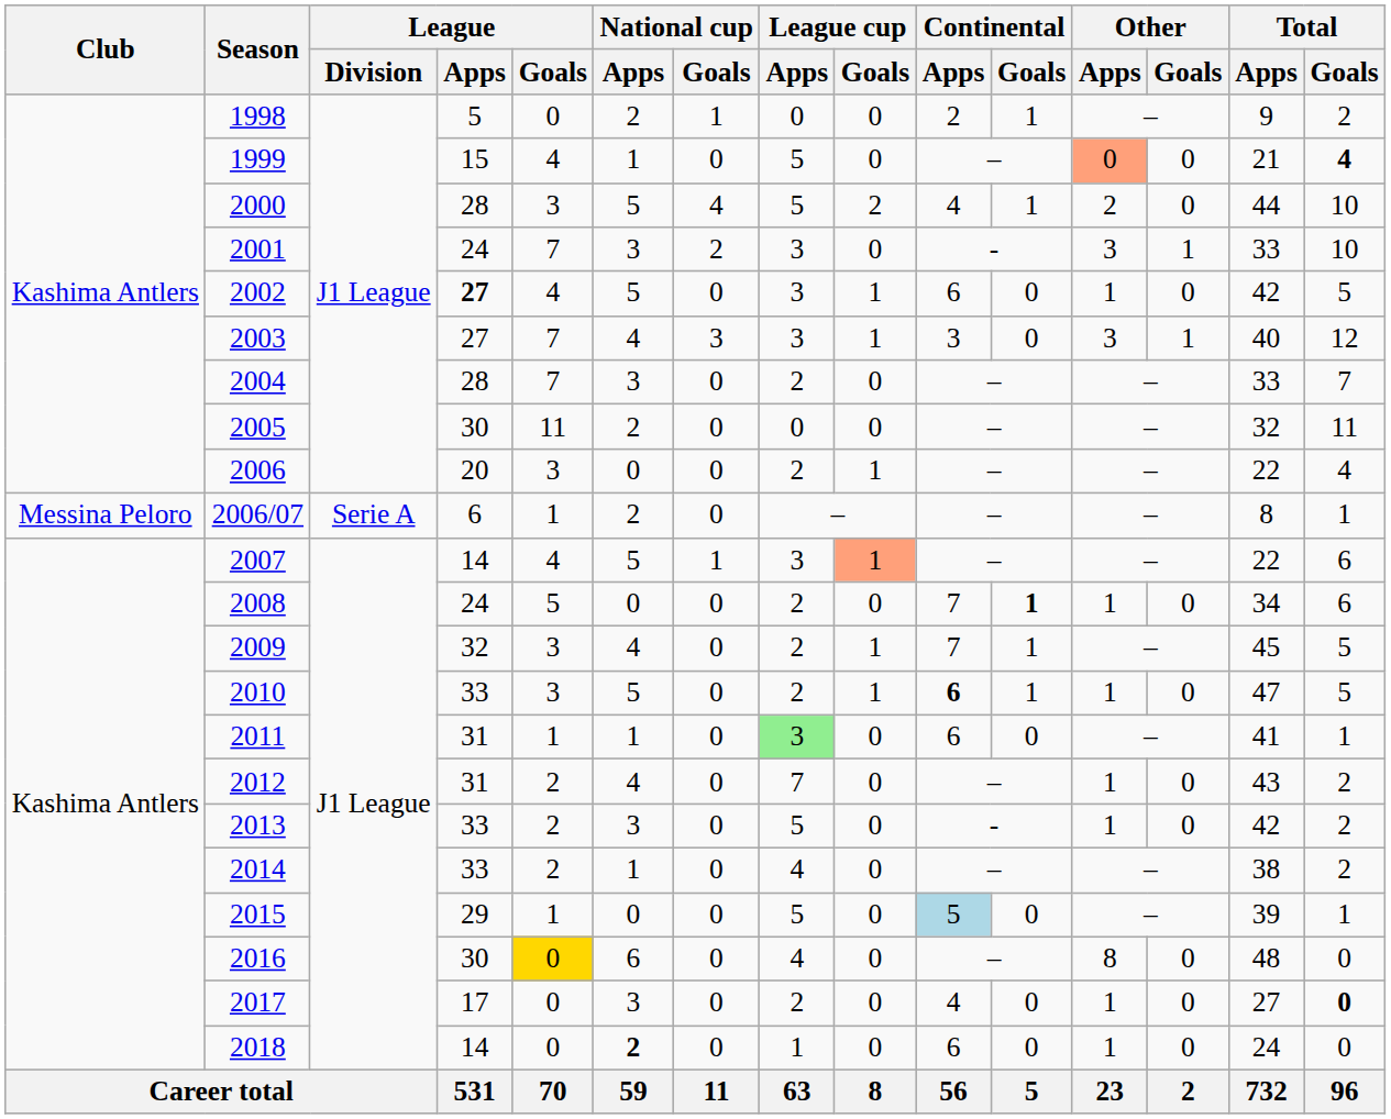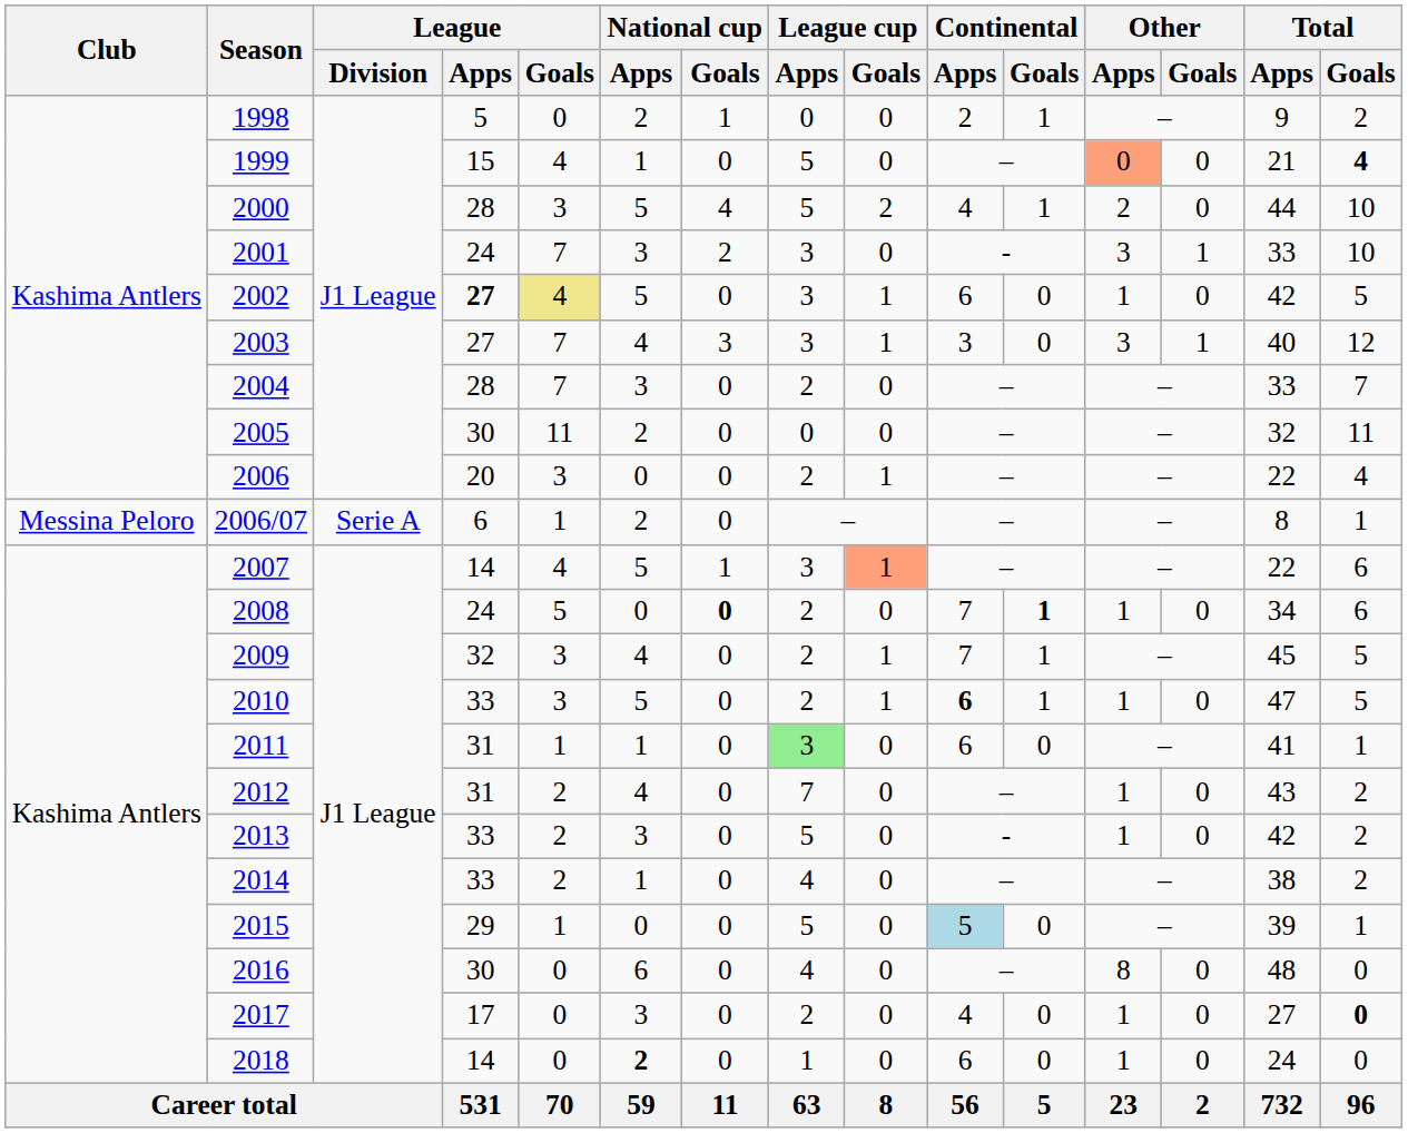 <table class="wikitable" style="text-align:center">
 <tr>
 <th rowspan="2">Club</th>
 <th rowspan="2">Season</th>
 <th colspan="3">League</th>
 <th colspan="2">National cup</th>
 <th colspan="2">League cup</th>
 <th colspan="2">Continental</th>
 <th colspan="2">Other</th>
 <th colspan="2">Total</th>
 </tr>
 <tr>
 <th>Division</th>
 <th>Apps</th>
 <th>Goals</th>
 <th>Apps</th>
 <th>Goals</th>
 <th>Apps</th>
 <th>Goals</th>
 <th>Apps</th>
 <th>Goals</th>
 <th>Apps</th>
 <th>Goals</th>
 <th>Apps</th>
 <th>Goals</th>
 </tr>
 <tr>
 <td rowspan="9"><a href='#'>Kashima Antlers</a></td>
 <td><a href='#'>1998</a></td>
 <td rowspan="9"><a href='#'>J1 League</a></td>
 <td>5</td>
 <td>0</td>
 <td>2</td>
 <td>1</td>
 <td>0</td>
 <td>0</td>
 <td>2</td>
 <td>1</td>
 <td colspan="2">–</td>
 <td>9</td>
 <td>2</td>
 </tr>
 <tr>
 <td><a href='#'>1999</a></td>
 <td>15</td>
 <td>4</td>
 <td>1</td>
 <td>0</td>
 <td>5</td>
 <td>0</td>
 <td colspan="2">–</td>
 <td style="background: lightsalmon;">0</td>
 <td>0</td>
 <td>21</td>
 <td><strong>4</strong></td>
 </tr>
 <tr>
 <td><a href='#'>2000</a></td>
 <td>28</td>
 <td>3</td>
 <td>5</td>
 <td>4</td>
 <td>5</td>
 <td>2</td>
 <td>4</td>
 <td>1</td>
 <td>2</td>
 <td>0</td>
 <td>44</td>
 <td>10</td>
 </tr>
 <tr>
 <td><a href='#'>2001</a></td>
 <td>24</td>
 <td>7</td>
 <td>3</td>
 <td>2</td>
 <td>3</td>
 <td>0</td>
 <td colspan="2">-</td>
 <td>3</td>
 <td>1</td>
 <td>33</td>
 <td>10</td>
 </tr>
 <tr>
 <td><a href='#'>2002</a></td>
 <td><strong>27</strong></td>
-<td>4</td>
+<td style="background: khaki;">4</td>
 <td>5</td>
 <td>0</td>
 <td>3</td>
 <td>1</td>
 <td>6</td>
 <td>0</td>
 <td>1</td>
 <td>0</td>
 <td>42</td>
 <td>5</td>
 </tr>
 <tr>
 <td><a href='#'>2003</a></td>
 <td>27</td>
 <td>7</td>
 <td>4</td>
 <td>3</td>
 <td>3</td>
 <td>1</td>
 <td>3</td>
 <td>0</td>
 <td>3</td>
 <td>1</td>
 <td>40</td>
 <td>12</td>
 </tr>
 <tr>
 <td><a href='#'>2004</a></td>
 <td>28</td>
 <td>7</td>
 <td>3</td>
 <td>0</td>
 <td>2</td>
 <td>0</td>
 <td colspan="2">–</td>
 <td colspan="2">–</td>
 <td>33</td>
 <td>7</td>
 </tr>
 <tr>
 <td><a href='#'>2005</a></td>
 <td>30</td>
 <td>11</td>
 <td>2</td>
 <td>0</td>
 <td>0</td>
 <td>0</td>
 <td colspan="2">–</td>
 <td colspan="2">–</td>
 <td>32</td>
 <td>11</td>
 </tr>
 <tr>
 <td><a href='#'>2006</a></td>
 <td>20</td>
 <td>3</td>
 <td>0</td>
 <td>0</td>
 <td>2</td>
 <td>1</td>
 <td colspan="2">–</td>
 <td colspan="2">–</td>
 <td>22</td>
 <td>4</td>
 </tr>
 <tr>
 <td><a href='#'>Messina Peloro</a></td>
 <td><a href='#'>2006/07</a></td>
 <td><a href='#'>Serie A</a></td>
 <td>6</td>
 <td>1</td>
 <td>2</td>
 <td>0</td>
 <td colspan="2">–</td>
 <td colspan="2">–</td>
 <td colspan="2">–</td>
 <td>8</td>
 <td>1</td>
 </tr>
 <tr>
 <td rowspan="12">Kashima Antlers</td>
 <td><a href='#'>2007</a></td>
 <td rowspan="12">J1 League</td>
 <td>14</td>
 <td>4</td>
 <td>5</td>
 <td>1</td>
 <td>3</td>
 <td style="background: lightsalmon;">1</td>
 <td colspan="2">–</td>
 <td colspan="2">–</td>
 <td>22</td>
 <td>6</td>
 </tr>
 <tr>
 <td><a href='#'>2008</a></td>
 <td>24</td>
 <td>5</td>
 <td>0</td>
-<td>0</td>
+<td><strong>0</strong></td>
 <td>2</td>
 <td>0</td>
 <td>7</td>
 <td><strong>1</strong></td>
 <td>1</td>
 <td>0</td>
 <td>34</td>
 <td>6</td>
 </tr>
 <tr>
 <td><a href='#'>2009</a></td>
 <td>32</td>
 <td>3</td>
 <td>4</td>
 <td>0</td>
 <td>2</td>
 <td>1</td>
 <td>7</td>
 <td>1</td>
 <td colspan="2">–</td>
 <td>45</td>
 <td>5</td>
 </tr>
 <tr>
 <td><a href='#'>2010</a></td>
 <td>33</td>
 <td>3</td>
 <td>5</td>
 <td>0</td>
 <td>2</td>
 <td>1</td>
 <td><strong>6</strong></td>
 <td>1</td>
 <td>1</td>
 <td>0</td>
 <td>47</td>
 <td>5</td>
 </tr>
 <tr>
 <td><a href='#'>2011</a></td>
 <td>31</td>
 <td>1</td>
 <td>1</td>
 <td>0</td>
 <td style="background: lightgreen;">3</td>
 <td>0</td>
 <td>6</td>
 <td>0</td>
 <td colspan="2">–</td>
 <td>41</td>
 <td>1</td>
 </tr>
 <tr>
 <td><a href='#'>2012</a></td>
 <td>31</td>
 <td>2</td>
 <td>4</td>
 <td>0</td>
 <td>7</td>
 <td>0</td>
 <td colspan="2">–</td>
 <td>1</td>
 <td>0</td>
 <td>43</td>
 <td>2</td>
 </tr>
 <tr>
 <td><a href='#'>2013</a></td>
 <td>33</td>
 <td>2</td>
 <td>3</td>
 <td>0</td>
 <td>5</td>
 <td>0</td>
 <td colspan="2">-</td>
 <td>1</td>
 <td>0</td>
 <td>42</td>
 <td>2</td>
 </tr>
 <tr>
 <td><a href='#'>2014</a></td>
 <td>33</td>
 <td>2</td>
 <td>1</td>
 <td>0</td>
 <td>4</td>
 <td>0</td>
 <td colspan="2">–</td>
 <td colspan="2">–</td>
 <td>38</td>
 <td>2</td>
 </tr>
 <tr>
 <td><a href='#'>2015</a></td>
 <td>29</td>
 <td>1</td>
 <td>0</td>
 <td>0</td>
 <td>5</td>
 <td>0</td>
 <td style="background: lightblue;">5</td>
 <td>0</td>
 <td colspan="2">–</td>
 <td>39</td>
 <td>1</td>
 </tr>
 <tr>
 <td><a href='#'>2016</a></td>
 <td>30</td>
-<td style="background: gold;">0</td>
+<td>0</td>
 <td>6</td>
 <td>0</td>
 <td>4</td>
 <td>0</td>
 <td colspan="2">–</td>
 <td>8</td>
 <td>0</td>
 <td>48</td>
 <td>0</td>
 </tr>
 <tr>
 <td><a href='#'>2017</a></td>
 <td>17</td>
 <td>0</td>
 <td>3</td>
 <td>0</td>
 <td>2</td>
 <td>0</td>
 <td>4</td>
 <td>0</td>
 <td>1</td>
 <td>0</td>
 <td>27</td>
 <td><strong>0</strong></td>
 </tr>
 <tr>
 <td><a href='#'>2018</a></td>
 <td>14</td>
 <td>0</td>
 <td><strong>2</strong></td>
 <td>0</td>
 <td>1</td>
 <td>0</td>
 <td>6</td>
 <td>0</td>
 <td>1</td>
 <td>0</td>
 <td>24</td>
 <td>0</td>
 </tr>
 <tr>
 <th colspan="3">Career total</th>
 <th>531</th>
 <th>70</th>
 <th>59</th>
 <th>11</th>
 <th>63</th>
 <th>8</th>
 <th>56</th>
 <th>5</th>
 <th>23</th>
 <th>2</th>
 <th>732</th>
 <th>96</th>
 </tr>
 </table>
